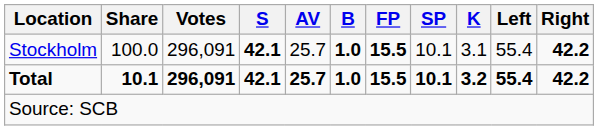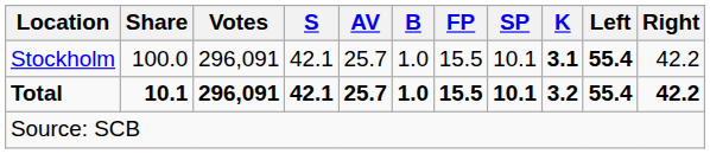 <table class="wikitable sortable" style=text-align:right>
 <tr>
 <th>Location</th>
 <th>Share</th>
 <th>Votes</th>
 <th><a href='#'>S</a></th>
 <th><a href='#'>AV</a></th>
 <th><a href='#'>B</a></th>
 <th><a href='#'>FP</a></th>
 <th><a href='#'>SP</a></th>
 <th><a href='#'>K</a></th>
 <th>Left</th>
 <th>Right</th>
 </tr>
 <tr>
 <td align=left><a href='#'>Stockholm</a></td>
 <td>100.0</td>
 <td>296,091</td>
-<td><strong>42.1</strong></td>
+<td>42.1</td>
 <td>25.7</td>
-<td><strong>1.0</strong></td>
-<td><strong>15.5</strong></td>
+<td>1.0</td>
+<td>15.5</td>
 <td>10.1</td>
-<td>3.1</td>
-<td>55.4</td>
-<td><strong>42.2</strong></td>
+<td><strong>3.1</strong></td>
+<td><strong>55.4</strong></td>
+<td>42.2</td>
 </tr>
 <tr>
 <td align=left><strong>Total</strong></td>
 <td><strong>10.1</strong></td>
 <td><strong>296,091</strong></td>
 <td><strong>42.1</strong></td>
 <td><strong>25.7</strong></td>
 <td><strong>1.0</strong></td>
 <td><strong>15.5</strong></td>
 <td><strong>10.1</strong></td>
 <td><strong>3.2</strong></td>
 <td><strong>55.4</strong></td>
 <td><strong>42.2</strong></td>
 </tr>
 <tr>
 <td align=left colspan=11>Source: SCB </td>
 </tr>
 </table>
